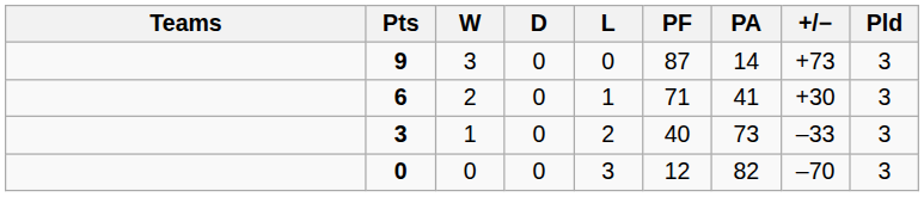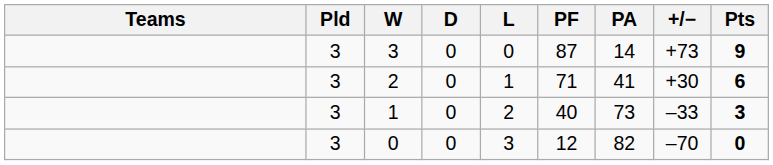 <table class="wikitable" style="text-align: center;">
 <tr>
 <th width="240">Teams</th>
-<th width="40">Pts</th>
+<th width="40">Pld</th>
 <th width="40">W</th>
 <th width="40">D</th>
 <th width="40">L</th>
 <th width="40">PF</th>
 <th width="40">PA</th>
 <th width="40">+/−</th>
-<th width="40">Pld</th>
+<th width="40">Pts</th>
 </tr>
 <tr>
 <td align=left></td>
-<td><strong>9</strong></td>
+<td>3</td>
 <td>3</td>
 <td>0</td>
 <td>0</td>
 <td>87</td>
 <td>14</td>
 <td>+73</td>
-<td>3</td>
+<td><strong>9</strong></td>
 </tr>
 <tr>
 <td align=left></td>
-<td><strong>6</strong></td>
+<td>3</td>
 <td>2</td>
 <td>0</td>
 <td>1</td>
 <td>71</td>
 <td>41</td>
 <td>+30</td>
-<td>3</td>
+<td><strong>6</strong></td>
 </tr>
 <tr>
 <td align=left></td>
-<td><strong>3</strong></td>
+<td>3</td>
 <td>1</td>
 <td>0</td>
 <td>2</td>
 <td>40</td>
 <td>73</td>
 <td>–33</td>
-<td>3</td>
+<td><strong>3</strong></td>
 </tr>
 <tr>
 <td align=left></td>
-<td><strong>0</strong></td>
+<td>3</td>
 <td>0</td>
 <td>0</td>
 <td>3</td>
 <td>12</td>
 <td>82</td>
 <td>–70</td>
-<td>3</td>
+<td><strong>0</strong></td>
 </tr>
 </table>
